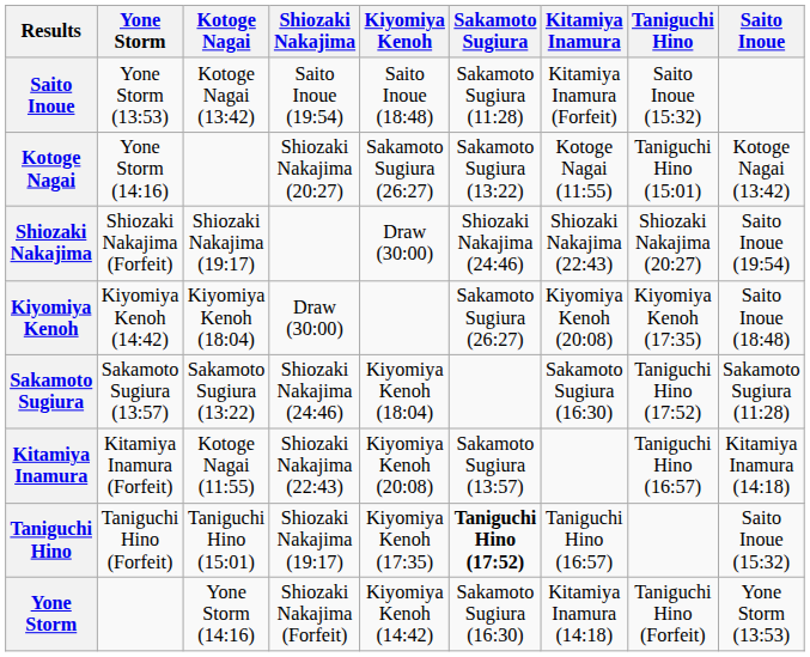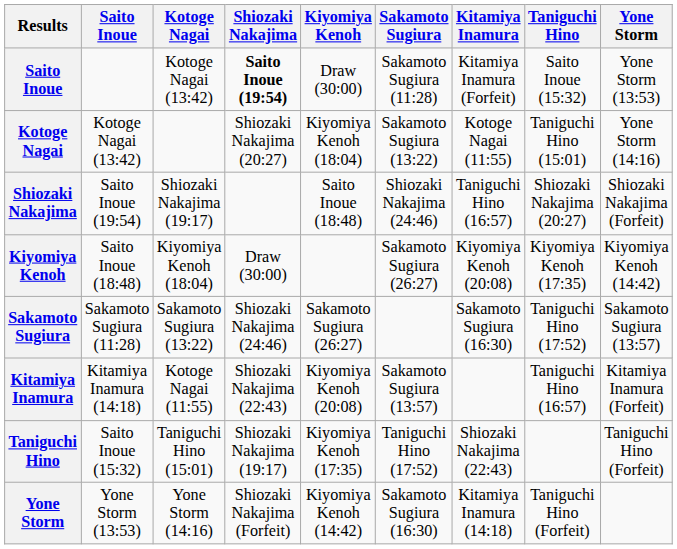 <table class="wikitable" style="margin: 1em auto 1em auto;text-align:center">
 <tr>
 <th>Results</th>
-<th><a href='#'>Yone</a><br>Storm</th>
+<th><a href='#'>Saito</a><br><a href='#'>Inoue</a></th>
 <th><a href='#'>Kotoge</a><br><a href='#'>Nagai</a></th>
 <th><a href='#'>Shiozaki</a><br><a href='#'>Nakajima</a></th>
 <th><a href='#'>Kiyomiya</a><br><a href='#'>Kenoh</a></th>
 <th><a href='#'>Sakamoto</a><br><a href='#'>Sugiura</a></th>
 <th><a href='#'>Kitamiya</a><br><a href='#'>Inamura</a></th>
 <th><a href='#'>Taniguchi</a><br><a href='#'>Hino</a></th>
-<th><a href='#'>Saito</a><br><a href='#'>Inoue</a></th>
+<th><a href='#'>Yone</a><br>Storm</th>
 </tr>
 <tr>
 <th><a href='#'>Saito</a><br><a href='#'>Inoue</a></th>
-<td>Yone<br>Storm<br>(13:53)</td>
+<td></td>
 <td>Kotoge<br>Nagai<br>(13:42)</td>
-<td>Saito<br>Inoue<br>(19:54)</td>
-<td>Saito<br>Inoue<br>(18:48)</td>
+<td><strong>Saito<br>Inoue<br>(19:54)</strong></td>
+<td>Draw<br>(30:00)</td>
 <td>Sakamoto<br>Sugiura<br>(11:28)</td>
 <td>Kitamiya<br>Inamura<br>(Forfeit)</td>
 <td>Saito<br>Inoue<br>(15:32)</td>
-<td></td>
+<td>Yone<br>Storm<br>(13:53)</td>
 </tr>
 <tr>
 <th><a href='#'>Kotoge</a><br><a href='#'>Nagai</a></th>
-<td>Yone<br>Storm<br>(14:16)</td>
+<td>Kotoge<br>Nagai<br>(13:42)</td>
 <td></td>
 <td>Shiozaki<br>Nakajima<br>(20:27)</td>
-<td>Sakamoto<br>Sugiura<br>(26:27)</td>
+<td>Kiyomiya<br>Kenoh<br>(18:04)</td>
 <td>Sakamoto<br>Sugiura<br>(13:22)</td>
 <td>Kotoge<br>Nagai<br>(11:55)</td>
 <td>Taniguchi<br>Hino<br>(15:01)</td>
-<td>Kotoge<br>Nagai<br>(13:42)</td>
+<td>Yone<br>Storm<br>(14:16)</td>
 </tr>
 <tr>
 <th><a href='#'>Shiozaki</a><br><a href='#'>Nakajima</a></th>
-<td>Shiozaki<br>Nakajima<br>(Forfeit)</td>
+<td>Saito<br>Inoue<br>(19:54)</td>
 <td>Shiozaki<br>Nakajima<br>(19:17)</td>
 <td></td>
-<td>Draw<br>(30:00)</td>
+<td>Saito<br>Inoue<br>(18:48)</td>
 <td>Shiozaki<br>Nakajima<br>(24:46)</td>
-<td>Shiozaki<br>Nakajima<br>(22:43)</td>
+<td>Taniguchi<br>Hino<br>(16:57)</td>
 <td>Shiozaki<br>Nakajima<br>(20:27)</td>
-<td>Saito<br>Inoue<br>(19:54)</td>
+<td>Shiozaki<br>Nakajima<br>(Forfeit)</td>
 </tr>
 <tr>
 <th><a href='#'>Kiyomiya</a><br><a href='#'>Kenoh</a></th>
-<td>Kiyomiya<br>Kenoh<br>(14:42)</td>
+<td>Saito<br>Inoue<br>(18:48)</td>
 <td>Kiyomiya<br>Kenoh<br>(18:04)</td>
 <td>Draw<br>(30:00)</td>
 <td></td>
 <td>Sakamoto<br>Sugiura<br>(26:27)</td>
 <td>Kiyomiya<br>Kenoh<br>(20:08)</td>
 <td>Kiyomiya<br>Kenoh<br>(17:35)</td>
-<td>Saito<br>Inoue<br>(18:48)</td>
+<td>Kiyomiya<br>Kenoh<br>(14:42)</td>
 </tr>
 <tr>
 <th><a href='#'>Sakamoto</a><br><a href='#'>Sugiura</a></th>
-<td>Sakamoto<br>Sugiura<br>(13:57)</td>
+<td>Sakamoto<br>Sugiura<br>(11:28)</td>
 <td>Sakamoto<br>Sugiura<br>(13:22)</td>
 <td>Shiozaki<br>Nakajima<br>(24:46)</td>
-<td>Kiyomiya<br>Kenoh<br>(18:04)</td>
+<td>Sakamoto<br>Sugiura<br>(26:27)</td>
 <td></td>
 <td>Sakamoto<br>Sugiura<br>(16:30)</td>
 <td>Taniguchi<br>Hino<br>(17:52)</td>
-<td>Sakamoto<br>Sugiura<br>(11:28)</td>
+<td>Sakamoto<br>Sugiura<br>(13:57)</td>
 </tr>
 <tr>
 <th><a href='#'>Kitamiya</a><br><a href='#'>Inamura</a></th>
-<td>Kitamiya<br>Inamura<br>(Forfeit)</td>
+<td>Kitamiya<br>Inamura<br>(14:18)</td>
 <td>Kotoge<br>Nagai<br>(11:55)</td>
 <td>Shiozaki<br>Nakajima<br>(22:43)</td>
 <td>Kiyomiya<br>Kenoh<br>(20:08)</td>
 <td>Sakamoto<br>Sugiura<br>(13:57)</td>
 <td></td>
 <td>Taniguchi<br>Hino<br>(16:57)</td>
-<td>Kitamiya<br>Inamura<br>(14:18)</td>
+<td>Kitamiya<br>Inamura<br>(Forfeit)</td>
 </tr>
 <tr>
 <th><a href='#'>Taniguchi</a><br><a href='#'>Hino</a></th>
-<td>Taniguchi<br>Hino<br>(Forfeit)</td>
+<td>Saito<br>Inoue<br>(15:32)</td>
 <td>Taniguchi<br>Hino<br>(15:01)</td>
 <td>Shiozaki<br>Nakajima<br>(19:17)</td>
 <td>Kiyomiya<br>Kenoh<br>(17:35)</td>
-<td><strong>Taniguchi<br>Hino<br>(17:52)</strong></td>
-<td>Taniguchi<br>Hino<br>(16:57)</td>
+<td>Taniguchi<br>Hino<br>(17:52)</td>
+<td>Shiozaki<br>Nakajima<br>(22:43)</td>
 <td></td>
-<td>Saito<br>Inoue<br>(15:32)</td>
+<td>Taniguchi<br>Hino<br>(Forfeit)</td>
 </tr>
 <tr>
 <th><a href='#'>Yone</a><br><a href='#'>Storm</a></th>
-<td></td>
+<td>Yone<br>Storm<br>(13:53)</td>
 <td>Yone<br>Storm<br>(14:16)</td>
 <td>Shiozaki<br>Nakajima<br>(Forfeit)</td>
 <td>Kiyomiya<br>Kenoh<br>(14:42)</td>
 <td>Sakamoto<br>Sugiura<br>(16:30)</td>
 <td>Kitamiya<br>Inamura<br>(14:18)</td>
 <td>Taniguchi<br>Hino<br>(Forfeit)</td>
-<td>Yone<br>Storm<br>(13:53)</td>
+<td></td>
 </tr>
 </table>
